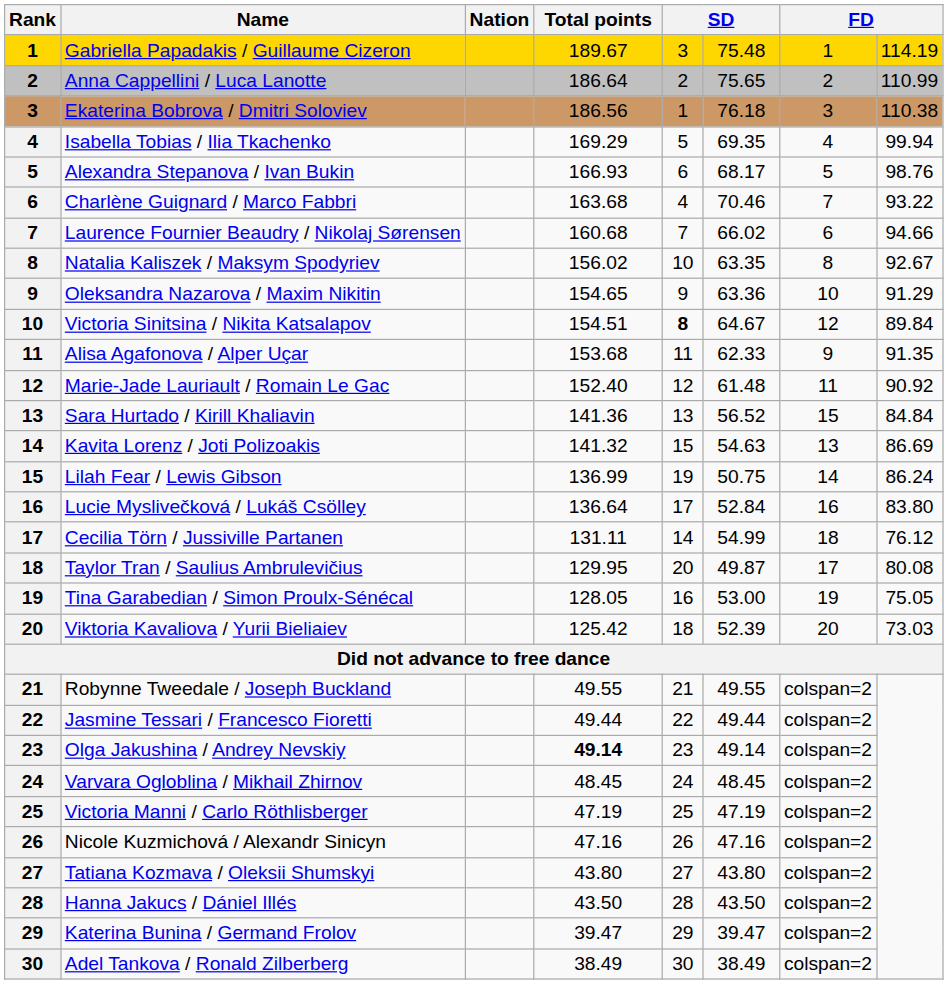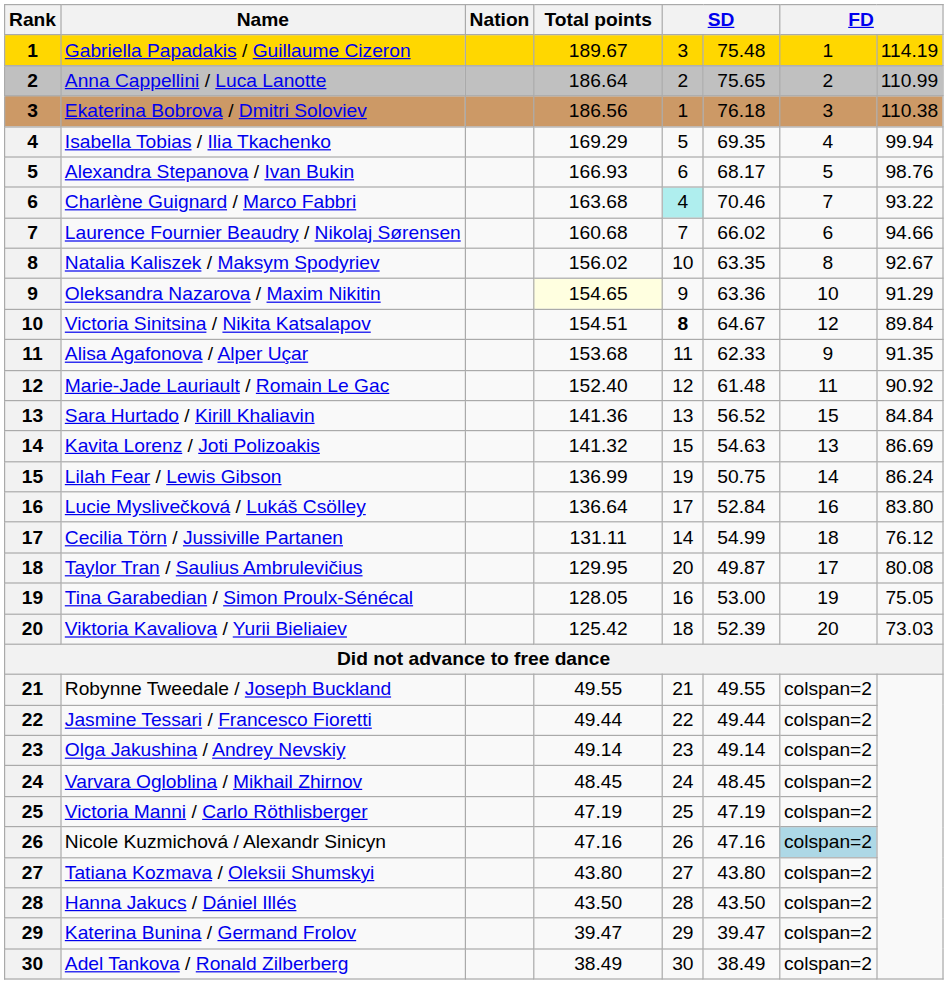 <table class="wikitable sortable">
 <tr>
 <th>Rank</th>
 <th>Name</th>
 <th>Nation</th>
 <th width="100px">Total points</th>
 <th colspan="2" width="90px"><a href='#'>SD</a></th>
 <th colspan="2" width="90px"><a href='#'>FD</a></th>
 </tr>
 <tr bgcolor="gold">
 <td align="center" bgcolor="gold"><strong>1</strong></td>
 <td><a href='#'>Gabriella Papadakis</a> / <a href='#'>Guillaume Cizeron</a></td>
 <td></td>
 <td align="center">189.67</td>
 <td align="center">3</td>
 <td align="center">75.48</td>
 <td align="center">1</td>
 <td align="center">114.19</td>
 </tr>
 <tr bgcolor="silver">
 <td align="center" bgcolor="silver"><strong>2</strong></td>
 <td><a href='#'>Anna Cappellini</a> / <a href='#'>Luca Lanotte</a></td>
 <td></td>
 <td align="center">186.64</td>
 <td align="center">2</td>
 <td align="center">75.65</td>
 <td align="center">2</td>
 <td align="center">110.99</td>
 </tr>
 <tr bgcolor="#cc9966">
 <td align="center" bgcolor="#cc9966"><strong>3</strong></td>
 <td><a href='#'>Ekaterina Bobrova</a> / <a href='#'>Dmitri Soloviev</a></td>
 <td></td>
 <td align="center">186.56</td>
 <td align="center">1</td>
 <td align="center">76.18</td>
 <td align="center">3</td>
 <td align="center">110.38</td>
 </tr>
 <tr>
 <th>4</th>
 <td><a href='#'>Isabella Tobias</a> / <a href='#'>Ilia Tkachenko</a></td>
 <td></td>
 <td align="center">169.29</td>
 <td align="center">5</td>
 <td align="center">69.35</td>
 <td align="center">4</td>
 <td align="center">99.94</td>
 </tr>
 <tr>
 <th>5</th>
 <td><a href='#'>Alexandra Stepanova</a> / <a href='#'>Ivan Bukin</a></td>
 <td></td>
 <td align="center">166.93</td>
 <td align="center">6</td>
 <td align="center">68.17</td>
 <td align="center">5</td>
 <td align="center">98.76</td>
 </tr>
 <tr>
 <th>6</th>
 <td><a href='#'>Charlène Guignard</a> / <a href='#'>Marco Fabbri</a></td>
 <td></td>
 <td align="center">163.68</td>
-<td align="center">4</td>
+<td align="center" style="background: paleturquoise;">4</td>
 <td align="center">70.46</td>
 <td align="center">7</td>
 <td align="center">93.22</td>
 </tr>
 <tr>
 <th>7</th>
 <td><a href='#'>Laurence Fournier Beaudry</a> / <a href='#'>Nikolaj Sørensen</a></td>
 <td></td>
 <td align="center">160.68</td>
 <td align="center">7</td>
 <td align="center">66.02</td>
 <td align="center">6</td>
 <td align="center">94.66</td>
 </tr>
 <tr>
 <th>8</th>
 <td><a href='#'>Natalia Kaliszek</a> / <a href='#'>Maksym Spodyriev</a></td>
 <td></td>
 <td align="center">156.02</td>
 <td align="center">10</td>
 <td align="center">63.35</td>
 <td align="center">8</td>
 <td align="center">92.67</td>
 </tr>
 <tr>
 <th>9</th>
 <td><a href='#'>Oleksandra Nazarova</a> / <a href='#'>Maxim Nikitin</a></td>
 <td></td>
-<td align="center">154.65</td>
+<td align="center" style="background: lightyellow;">154.65</td>
 <td align="center">9</td>
 <td align="center">63.36</td>
 <td align="center">10</td>
 <td align="center">91.29</td>
 </tr>
 <tr>
 <th>10</th>
 <td><a href='#'>Victoria Sinitsina</a> / <a href='#'>Nikita Katsalapov</a></td>
 <td></td>
 <td align="center">154.51</td>
 <td align="center"><strong>8</strong></td>
 <td align="center">64.67</td>
 <td align="center">12</td>
 <td align="center">89.84</td>
 </tr>
 <tr>
 <th>11</th>
 <td><a href='#'>Alisa Agafonova</a> / <a href='#'>Alper Uçar</a></td>
 <td></td>
 <td align="center">153.68</td>
 <td align="center">11</td>
 <td align="center">62.33</td>
 <td align="center">9</td>
 <td align="center">91.35</td>
 </tr>
 <tr>
 <th>12</th>
 <td><a href='#'>Marie-Jade Lauriault</a> / <a href='#'>Romain Le Gac</a></td>
 <td></td>
 <td align="center">152.40</td>
 <td align="center">12</td>
 <td align="center">61.48</td>
 <td align="center">11</td>
 <td align="center">90.92</td>
 </tr>
 <tr>
 <th>13</th>
 <td><a href='#'>Sara Hurtado</a> / <a href='#'>Kirill Khaliavin</a></td>
 <td></td>
 <td align="center">141.36</td>
 <td align="center">13</td>
 <td align="center">56.52</td>
 <td align="center">15</td>
 <td align="center">84.84</td>
 </tr>
 <tr>
 <th>14</th>
 <td><a href='#'>Kavita Lorenz</a> / <a href='#'>Joti Polizoakis</a></td>
 <td></td>
 <td align="center">141.32</td>
 <td align="center">15</td>
 <td align="center">54.63</td>
 <td align="center">13</td>
 <td align="center">86.69</td>
 </tr>
 <tr>
 <th>15</th>
 <td><a href='#'>Lilah Fear</a> / <a href='#'>Lewis Gibson</a></td>
 <td></td>
 <td align="center">136.99</td>
 <td align="center">19</td>
 <td align="center">50.75</td>
 <td align="center">14</td>
 <td align="center">86.24</td>
 </tr>
 <tr>
 <th>16</th>
 <td><a href='#'>Lucie Myslivečková</a> / <a href='#'>Lukáš Csölley</a></td>
 <td></td>
 <td align="center">136.64</td>
 <td align="center">17</td>
 <td align="center">52.84</td>
 <td align="center">16</td>
 <td align="center">83.80</td>
 </tr>
 <tr>
 <th>17</th>
 <td><a href='#'>Cecilia Törn</a> / <a href='#'>Jussiville Partanen</a></td>
 <td></td>
 <td align="center">131.11</td>
 <td align="center">14</td>
 <td align="center">54.99</td>
 <td align="center">18</td>
 <td align="center">76.12</td>
 </tr>
 <tr>
 <th>18</th>
 <td><a href='#'>Taylor Tran</a> / <a href='#'>Saulius Ambrulevičius</a></td>
 <td></td>
 <td align="center">129.95</td>
 <td align="center">20</td>
 <td align="center">49.87</td>
 <td align="center">17</td>
 <td align="center">80.08</td>
 </tr>
 <tr>
 <th>19</th>
 <td><a href='#'>Tina Garabedian</a> / <a href='#'>Simon Proulx-Sénécal</a></td>
 <td></td>
 <td align="center">128.05</td>
 <td align="center">16</td>
 <td align="center">53.00</td>
 <td align="center">19</td>
 <td align="center">75.05</td>
 </tr>
 <tr>
 <th>20</th>
 <td><a href='#'>Viktoria Kavaliova</a> / <a href='#'>Yurii Bieliaiev</a></td>
 <td></td>
 <td align="center">125.42</td>
 <td align="center">18</td>
 <td align="center">52.39</td>
 <td align="center">20</td>
 <td align="center">73.03</td>
 </tr>
 <tr>
 <th colspan=8>Did not advance to free dance</th>
 </tr>
 <tr>
 <th>21</th>
 <td>Robynne Tweedale / <a href='#'>Joseph Buckland</a></td>
 <td></td>
 <td align="center">49.55</td>
 <td align="center">21</td>
 <td align="center">49.55</td>
 <td>colspan=2 </td>
 </tr>
 <tr>
 <th>22</th>
 <td><a href='#'>Jasmine Tessari</a> / <a href='#'>Francesco Fioretti</a></td>
 <td></td>
 <td align="center">49.44</td>
 <td align="center">22</td>
 <td align="center">49.44</td>
 <td>colspan=2 </td>
 </tr>
 <tr>
 <th>23</th>
 <td><a href='#'>Olga Jakushina</a> / <a href='#'>Andrey Nevskiy</a></td>
 <td></td>
-<td align="center"><strong>49.14</strong></td>
+<td align="center">49.14</td>
 <td align="center">23</td>
 <td align="center">49.14</td>
 <td>colspan=2 </td>
 </tr>
 <tr>
 <th>24</th>
 <td><a href='#'>Varvara Ogloblina</a> / <a href='#'>Mikhail Zhirnov</a></td>
 <td></td>
 <td align="center">48.45</td>
 <td align="center">24</td>
 <td align="center">48.45</td>
 <td>colspan=2 </td>
 </tr>
 <tr>
 <th>25</th>
 <td><a href='#'>Victoria Manni</a> / <a href='#'>Carlo Röthlisberger</a></td>
 <td></td>
 <td align="center">47.19</td>
 <td align="center">25</td>
 <td align="center">47.19</td>
 <td>colspan=2 </td>
 </tr>
 <tr>
 <th>26</th>
 <td>Nicole Kuzmichová / Alexandr Sinicyn</td>
 <td></td>
 <td align="center">47.16</td>
 <td align="center">26</td>
 <td align="center">47.16</td>
-<td>colspan=2 </td>
+<td style="background: lightblue;">colspan=2 </td>
 </tr>
 <tr>
 <th>27</th>
 <td><a href='#'>Tatiana Kozmava</a> / <a href='#'>Oleksii Shumskyi</a></td>
 <td></td>
 <td align="center">43.80</td>
 <td align="center">27</td>
 <td align="center">43.80</td>
 <td>colspan=2 </td>
 </tr>
 <tr>
 <th>28</th>
 <td><a href='#'>Hanna Jakucs</a> / <a href='#'>Dániel Illés</a></td>
 <td></td>
 <td align="center">43.50</td>
 <td align="center">28</td>
 <td align="center">43.50</td>
 <td>colspan=2 </td>
 </tr>
 <tr>
 <th>29</th>
 <td><a href='#'>Katerina Bunina</a> / <a href='#'>Germand Frolov</a></td>
 <td></td>
 <td align="center">39.47</td>
 <td align="center">29</td>
 <td align="center">39.47</td>
 <td>colspan=2 </td>
 </tr>
 <tr>
 <th>30</th>
 <td><a href='#'>Adel Tankova</a> / <a href='#'>Ronald Zilberberg</a></td>
 <td></td>
 <td align="center">38.49</td>
 <td align="center">30</td>
 <td align="center">38.49</td>
 <td>colspan=2 </td>
 </tr>
 </table>
